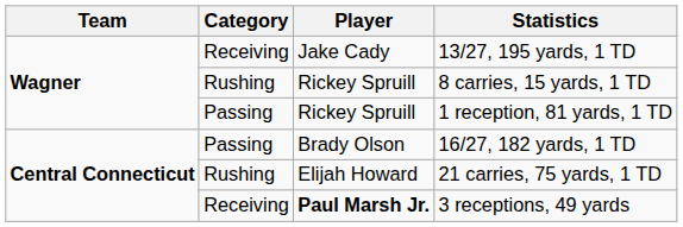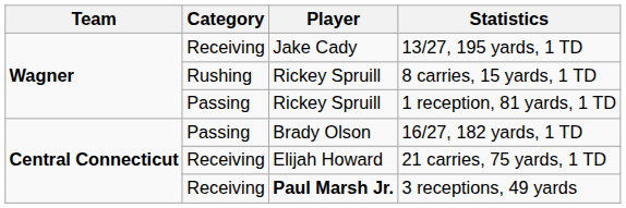 <table class="wikitable" style="float: right;">
 <tr>
 <th>Team</th>
 <th>Category</th>
 <th>Player</th>
 <th>Statistics</th>
 </tr>
 <tr>
 <td rowspan=3><strong>Wagner</strong></td>
 <td>Receiving</td>
 <td>Jake Cady</td>
 <td>13/27, 195 yards, 1 TD</td>
 </tr>
 <tr>
 <td>Rushing</td>
 <td>Rickey Spruill</td>
 <td>8 carries, 15 yards, 1 TD</td>
 </tr>
 <tr>
 <td>Passing</td>
 <td>Rickey Spruill</td>
 <td>1 reception, 81 yards, 1 TD</td>
 </tr>
 <tr>
 <td rowspan=3><strong>Central Connecticut</strong></td>
 <td>Passing</td>
 <td>Brady Olson</td>
 <td>16/27, 182 yards, 1 TD</td>
 </tr>
 <tr>
-<td>Rushing</td>
+<td>Receiving</td>
 <td>Elijah Howard</td>
 <td>21 carries, 75 yards, 1 TD</td>
 </tr>
 <tr>
 <td>Receiving</td>
 <td><strong>Paul Marsh Jr.</strong></td>
 <td>3 receptions, 49 yards</td>
 </tr>
 </table>
